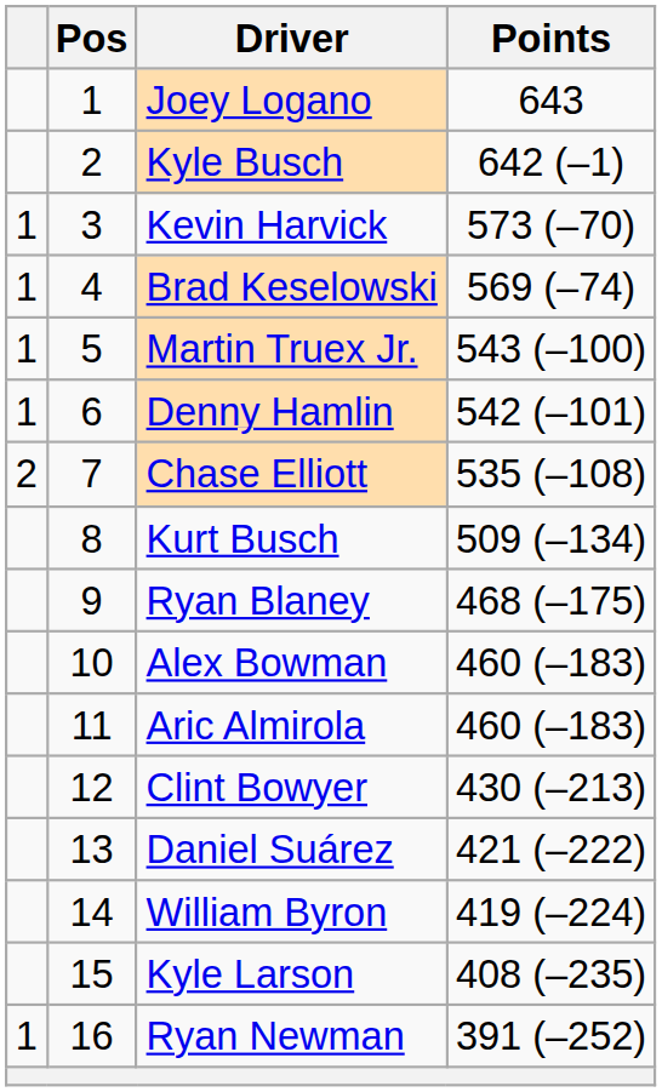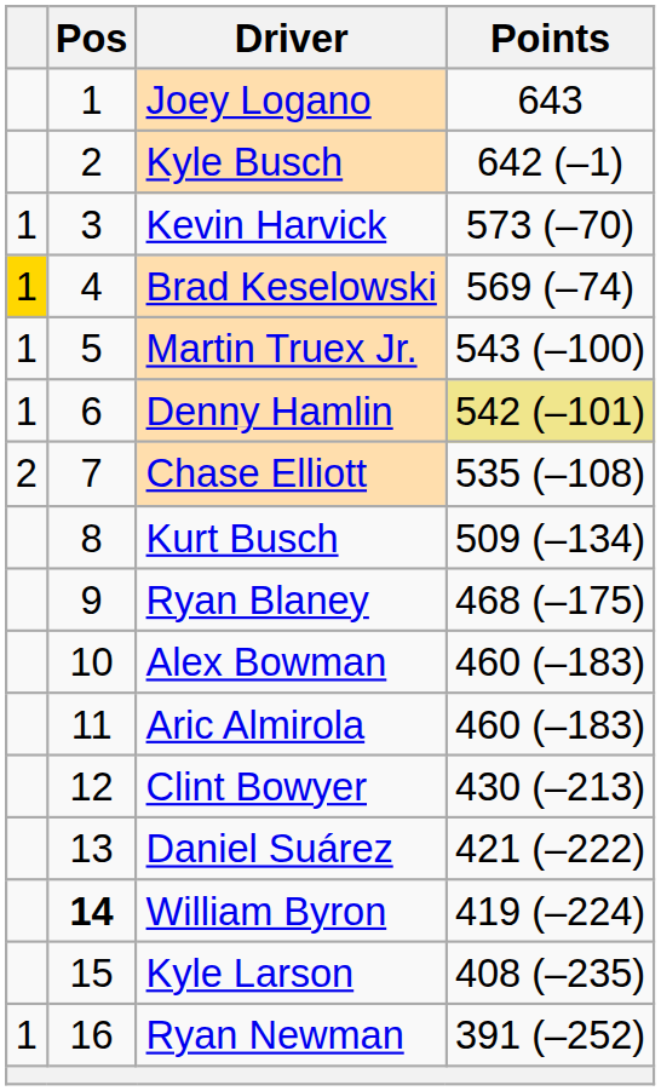 <table class="wikitable" style="font-size: 95%;">
 <tr>
 <th></th>
 <th>Pos</th>
 <th>Driver</th>
 <th>Points</th>
 </tr>
 <tr>
 <td align="left"></td>
 <td style="text-align:center;">1</td>
 <td style="background:#FFDEAD;"><a href='#'>Joey Logano</a></td>
 <td style="text-align:center;">643</td>
 </tr>
 <tr>
 <td align="left"></td>
 <td style="text-align:center;">2</td>
 <td style="background:#FFDEAD;"><a href='#'>Kyle Busch</a></td>
 <td style="text-align:center;">642 (–1)</td>
 </tr>
 <tr>
 <td align="left"> 1</td>
 <td style="text-align:center;">3</td>
 <td><a href='#'>Kevin Harvick</a></td>
 <td style="text-align:center;">573 (–70)</td>
 </tr>
 <tr>
-<td align="left"> 1</td>
+<td align="left" style="background: gold;"> 1</td>
 <td style="text-align:center;">4</td>
 <td style="background:#FFDEAD;"><a href='#'>Brad Keselowski</a></td>
 <td style="text-align:center;">569 (–74)</td>
 </tr>
 <tr>
 <td align="left"> 1</td>
 <td style="text-align:center;">5</td>
 <td style="background:#FFDEAD;"><a href='#'>Martin Truex Jr.</a></td>
 <td style="text-align:center;">543 (–100)</td>
 </tr>
 <tr>
 <td align="left"> 1</td>
 <td style="text-align:center;">6</td>
 <td style="background:#FFDEAD;"><a href='#'>Denny Hamlin</a></td>
-<td style="text-align:center;">542 (–101)</td>
+<td style="background: khaki; text-align:center;">542 (–101)</td>
 </tr>
 <tr>
 <td align="left"> 2</td>
 <td style="text-align:center;">7</td>
 <td style="background:#FFDEAD;"><a href='#'>Chase Elliott</a></td>
 <td style="text-align:center;">535 (–108)</td>
 </tr>
 <tr>
 <td align="left"></td>
 <td style="text-align:center;">8</td>
 <td><a href='#'>Kurt Busch</a></td>
 <td style="text-align:center;">509 (–134)</td>
 </tr>
 <tr>
 <td align="left"></td>
 <td style="text-align:center;">9</td>
 <td><a href='#'>Ryan Blaney</a></td>
 <td style="text-align:center;">468 (–175)</td>
 </tr>
 <tr>
 <td align="left"></td>
 <td style="text-align:center;">10</td>
 <td><a href='#'>Alex Bowman</a></td>
 <td style="text-align:center;">460 (–183)</td>
 </tr>
 <tr>
 <td align="left"></td>
 <td style="text-align:center;">11</td>
 <td><a href='#'>Aric Almirola</a></td>
 <td style="text-align:center;">460 (–183)</td>
 </tr>
 <tr>
 <td align="left"></td>
 <td style="text-align:center;">12</td>
 <td><a href='#'>Clint Bowyer</a></td>
 <td style="text-align:center;">430 (–213)</td>
 </tr>
 <tr>
 <td align="left"></td>
 <td style="text-align:center;">13</td>
 <td><a href='#'>Daniel Suárez</a></td>
 <td style="text-align:center;">421 (–222)</td>
 </tr>
 <tr>
 <td align="left"></td>
-<td style="text-align:center;">14</td>
+<td style="text-align:center;"><strong>14</strong></td>
 <td><a href='#'>William Byron</a></td>
 <td style="text-align:center;">419 (–224)</td>
 </tr>
 <tr>
 <td align="left"></td>
 <td style="text-align:center;">15</td>
 <td><a href='#'>Kyle Larson</a></td>
 <td style="text-align:center;">408 (–235)</td>
 </tr>
 <tr>
 <td align="left"> 1</td>
 <td style="text-align:center;">16</td>
 <td><a href='#'>Ryan Newman</a></td>
 <td style="text-align:center;">391 (–252)</td>
 </tr>
 <tr class="sortbottom">
 <th colspan="9"></th>
 </tr>
 </table>
